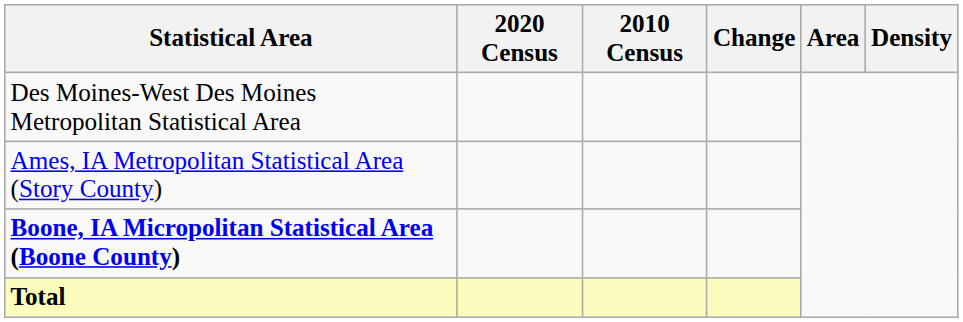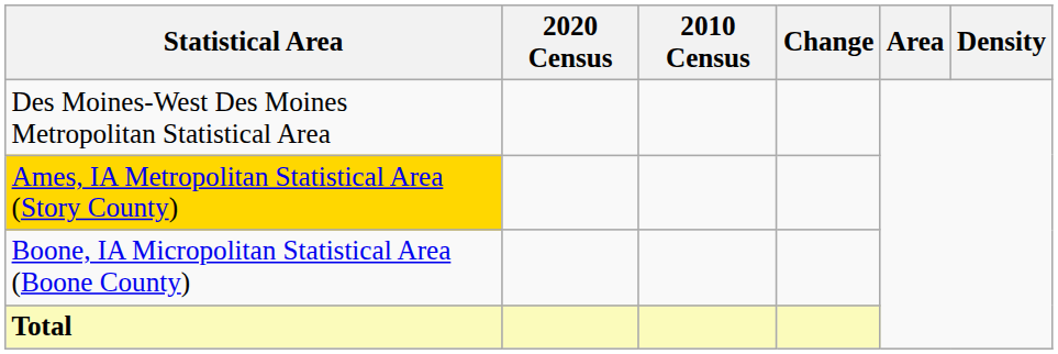 <table class="wikitable sortable">
 <tr>
 <th>Statistical Area</th>
 <th>2020 Census</th>
 <th>2010 Census</th>
 <th>Change</th>
 <th>Area</th>
 <th>Density</th>
 </tr>
 <tr>
 <td>Des Moines-West Des Moines Metropolitan Statistical Area</td>
 <td></td>
 <td></td>
 <td></td>
 </tr>
 <tr>
-<td><a href='#'>Ames, IA Metropolitan Statistical Area</a> (<a href='#'>Story County</a>)</td>
+<td style="background: gold;"><a href='#'>Ames, IA Metropolitan Statistical Area</a> (<a href='#'>Story County</a>)</td>
 <td></td>
 <td></td>
 <td></td>
 </tr>
 <tr>
-<td><strong><a href='#'>Boone, IA Micropolitan Statistical Area</a> (<a href='#'>Boone County</a>)</strong></td>
+<td><a href='#'>Boone, IA Micropolitan Statistical Area</a> (<a href='#'>Boone County</a>)</td>
 <td></td>
 <td></td>
 <td></td>
 </tr>
 <tr class=sortbottom style="background:#fbfbbb">
 <td><strong>Total</strong></td>
 <td></td>
 <td></td>
 <td></td>
 </tr>
 </table>
